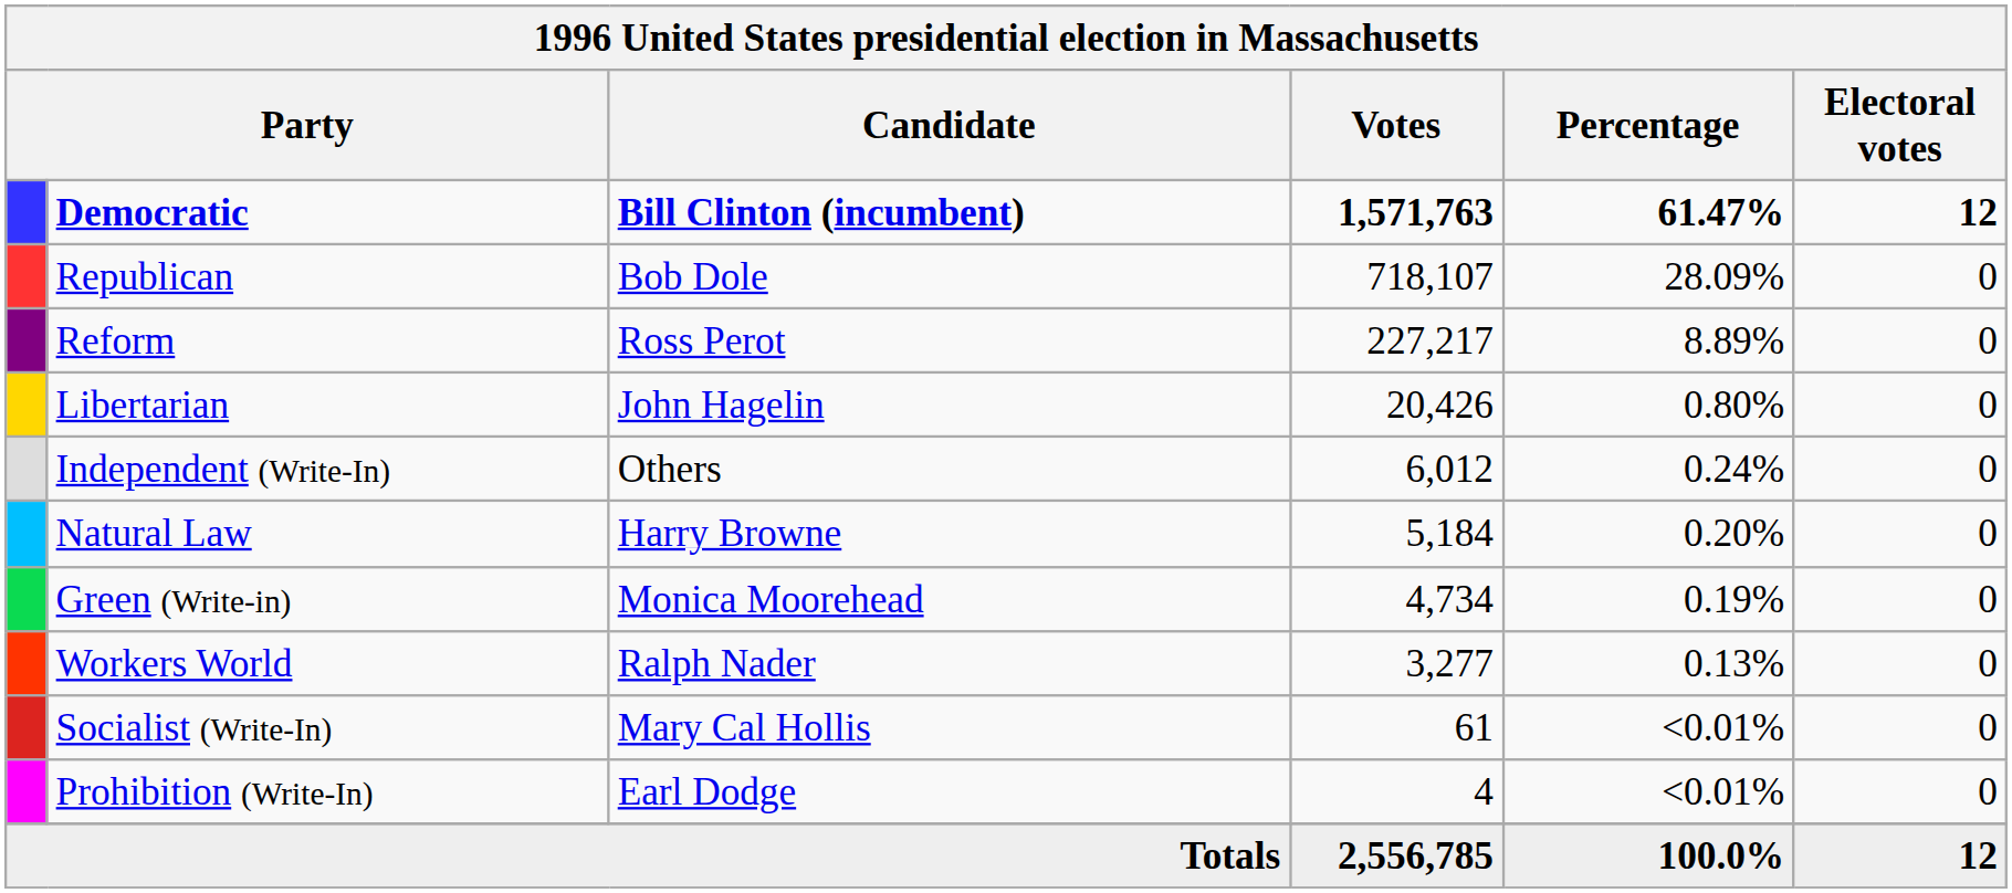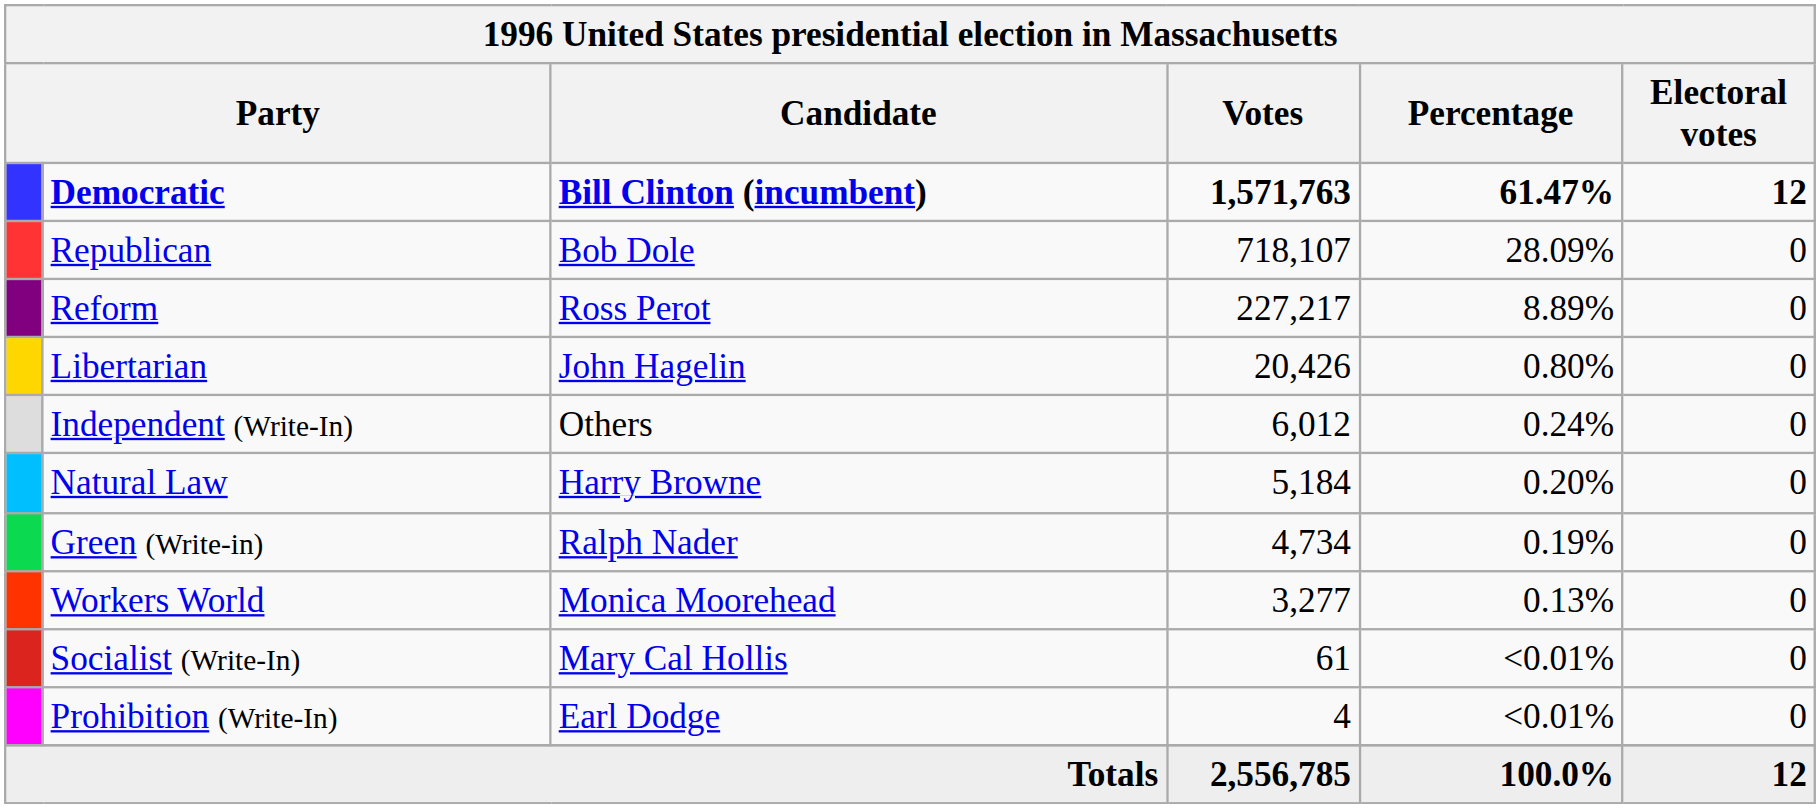 <table class="wikitable" style="font-size: 95%;">
 <tr>
 <th colspan="6">1996 United States presidential election in Massachusetts</th>
 </tr>
 <tr>
 <th colspan="2" style="width: 15em">Party</th>
 <th style="width: 17em">Candidate</th>
 <th style="width: 5em">Votes</th>
 <th style="width: 7em">Percentage</th>
 <th style="width: 5em">Electoral votes</th>
 </tr>
 <tr>
 <th style="background-color:#3333FF; width: 3px"></th>
 <td style="width: 130px"><strong><a href='#'>Democratic</a></strong></td>
 <td><strong><a href='#'>Bill Clinton</a> (<a href='#'>incumbent</a>)</strong></td>
 <td align="right"><strong>1,571,763</strong></td>
 <td align="right"><strong>61.47%</strong></td>
 <td align="right"><strong>12</strong></td>
 </tr>
 <tr>
 <th style="background-color:#FF3333; width: 3px"></th>
 <td style="width: 130px"><a href='#'>Republican</a></td>
 <td><a href='#'>Bob Dole</a></td>
 <td align="right">718,107</td>
 <td align="right">28.09%</td>
 <td align="right">0</td>
 </tr>
 <tr>
 <th style="background-color:#800080; width: 3px"></th>
 <td style="width: 130px"><a href='#'>Reform</a></td>
 <td><a href='#'>Ross Perot</a></td>
 <td align="right">227,217</td>
 <td align="right">8.89%</td>
 <td align="right">0</td>
 </tr>
 <tr>
 <th style="background-color:#FFD700; width: 3px"></th>
 <td style="width: 130px"><a href='#'>Libertarian</a></td>
 <td><a href='#'>John Hagelin</a></td>
 <td align="right">20,426</td>
 <td align="right">0.80%</td>
 <td align="right">0</td>
 </tr>
 <tr>
 <th style="background-color:#DDDDDD; width: 3px"></th>
 <td style="width: 130px"><a href='#'>Independent</a> <small>(Write-In)</small></td>
 <td>Others</td>
 <td align="right">6,012</td>
 <td align="right">0.24%</td>
 <td align="right">0</td>
 </tr>
 <tr>
 <th style="background-color:#00BFFF; width: 3px"></th>
 <td style="width: 130px"><a href='#'>Natural Law</a></td>
 <td><a href='#'>Harry Browne</a></td>
 <td align="right">5,184</td>
 <td align="right">0.20%</td>
 <td align="right">0</td>
 </tr>
 <tr>
 <th style="background-color:#0BDA51; width: 3px"></th>
 <td style="width: 130px"><a href='#'>Green</a> <small>(Write-in)</small></td>
-<td><a href='#'>Monica Moorehead</a></td>
+<td><a href='#'>Ralph Nader</a></td>
 <td align="right">4,734</td>
 <td align="right">0.19%</td>
 <td align="right">0</td>
 </tr>
 <tr>
 <th style="background-color:#FF3300; width: 3px"></th>
 <td style="width: 130px"><a href='#'>Workers World</a></td>
-<td><a href='#'>Ralph Nader</a></td>
+<td><a href='#'>Monica Moorehead</a></td>
 <td align="right">3,277</td>
 <td align="right">0.13%</td>
 <td align="right">0</td>
 </tr>
 <tr>
 <th style="background-color:#DC241f; width: 3px"></th>
 <td style="width: 130px"><a href='#'>Socialist</a> <small>(Write-In)</small></td>
 <td><a href='#'>Mary Cal Hollis</a></td>
 <td align="right">61</td>
 <td align="right"><0.01%</td>
 <td align="right">0</td>
 </tr>
 <tr>
 <th style="background-color:#FF00FF; width: 3px"></th>
 <td style="width: 130px"><a href='#'>Prohibition</a> <small>(Write-In)</small></td>
 <td><a href='#'>Earl Dodge</a></td>
 <td align="right">4</td>
 <td align="right"><0.01%</td>
 <td align="right">0</td>
 </tr>
 <tr>
 </tr>
 <tr bgcolor="#EEEEEE">
 <td colspan="3" align="right"><strong>Totals</strong></td>
 <td align="right"><strong>2,556,785</strong></td>
 <td align="right"><strong>100.0%</strong></td>
 <td align="right"><strong>12</strong></td>
 </tr>
 </table>
